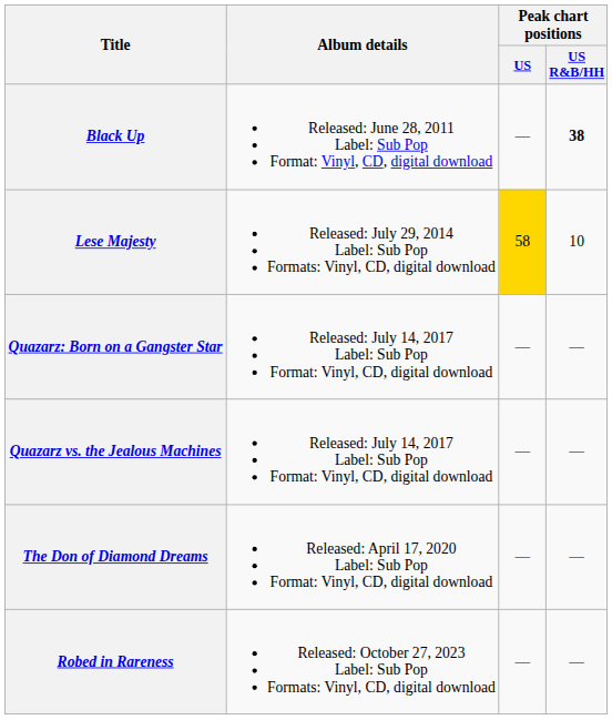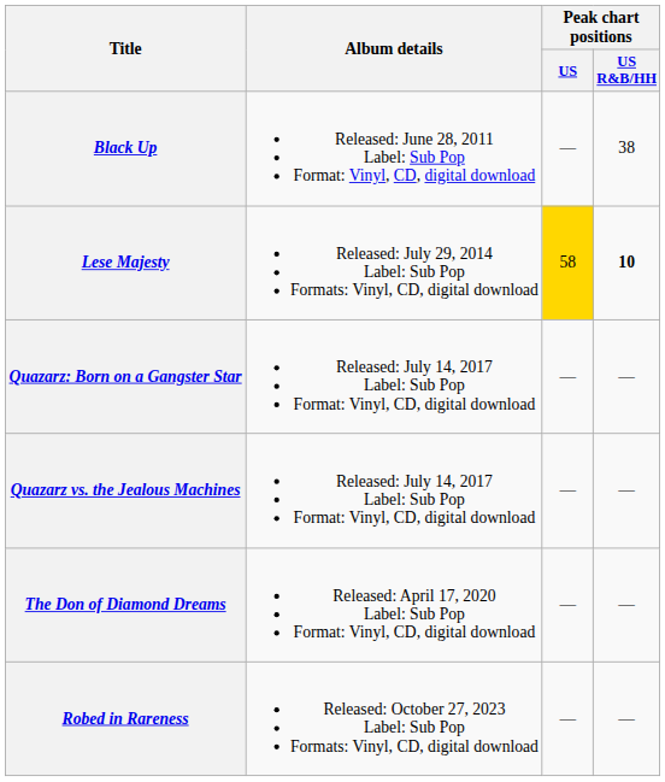 <table class="wikitable plainrowheaders" style="text-align:center">
 <tr>
 <th scope="col" rowspan="2">Title</th>
 <th scope="col" rowspan="2">Album details</th>
 <th scope="col" colspan="2">Peak chart positions</th>
 </tr>
 <tr>
 <th scope="col" style="width:3em;font-size:90%"><a href='#'>US</a><br></th>
 <th scope="col" style="width:3em;font-size:90%"><a href='#'>US<br>R&B/HH</a><br></th>
 </tr>
 <tr>
 <th scope="row"><em><a href='#'>Black Up</a></em></th>
 <td><br><ul><li>Released: June 28, 2011</li><li>Label: <a href='#'>Sub Pop</a></li><li>Format: <a href='#'>Vinyl</a>, <a href='#'>CD</a>, <a href='#'>digital download</a></li></ul></td>
 <td>—</td>
-<td><strong>38</strong></td>
+<td>38</td>
 </tr>
 <tr>
 <th scope="row"><em><a href='#'>Lese Majesty</a></em></th>
 <td><br><ul><li>Released: July 29, 2014</li><li>Label: Sub Pop</li><li>Formats: Vinyl, CD, digital download</li></ul></td>
 <td style="background: gold;">58</td>
-<td>10</td>
+<td><strong>10</strong></td>
 </tr>
 <tr>
 <th scope="row"><em><a href='#'>Quazarz: Born on a Gangster Star</a></em></th>
 <td><br><ul><li>Released: July 14, 2017</li><li>Label: Sub Pop</li><li>Format: Vinyl, CD, digital download</li></ul></td>
 <td>—</td>
 <td>—</td>
 </tr>
 <tr>
 <th scope="row"><em><a href='#'>Quazarz vs. the Jealous Machines</a></em></th>
 <td><br><ul><li>Released: July 14, 2017</li><li>Label: Sub Pop</li><li>Format: Vinyl, CD, digital download</li></ul></td>
 <td>—</td>
 <td>—</td>
 </tr>
 <tr>
 <th scope="row"><em><a href='#'>The Don of Diamond Dreams</a></em></th>
 <td><br><ul><li>Released: April 17, 2020</li><li>Label: Sub Pop</li><li>Format: Vinyl, CD, digital download</li></ul></td>
 <td>—</td>
 <td>—</td>
 </tr>
 <tr>
 <th scope="row"><em><a href='#'>Robed in Rareness</a></em></th>
 <td><br><ul><li>Released: October 27, 2023</li><li>Label: Sub Pop</li><li>Formats: Vinyl, CD, digital download</li></ul></td>
 <td>—</td>
 <td>—</td>
 </tr>
 </table>
